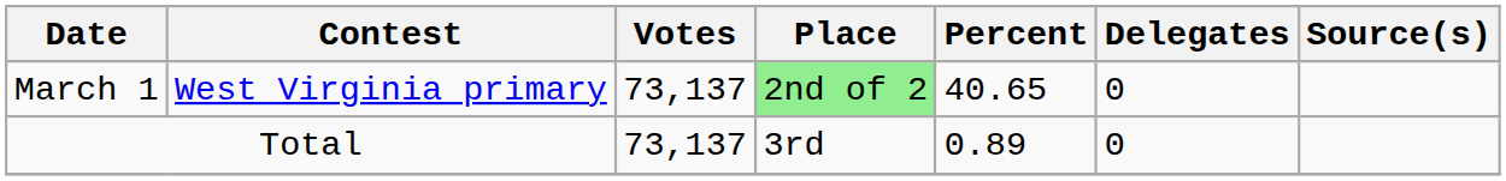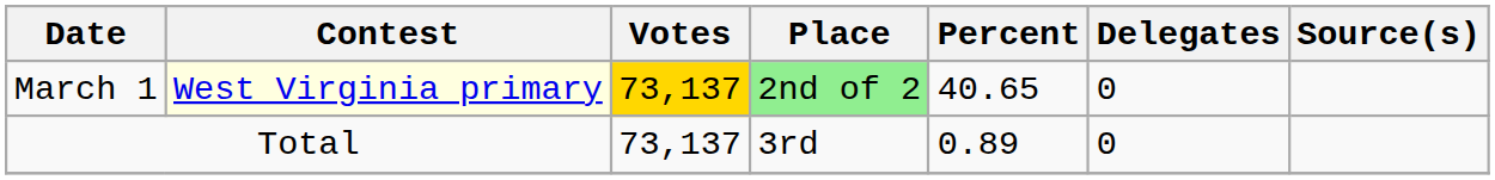 <table class="wikitable sortable" border="1">
 <tr>
 <th scope="col">Date</th>
 <th scope="col">Contest</th>
 <th scope="col">Votes</th>
 <th scope="col">Place</th>
 <th scope="col">Percent</th>
 <th scope="col">Delegates</th>
 <th scope="col">Source(s)</th>
 </tr>
 <tr>
 <td>March 1</td>
-<td><a href='#'>West Virginia primary</a></td>
-<td>73,137</td>
+<td style="background: lightyellow;"><a href='#'>West Virginia primary</a></td>
+<td style="background: gold;">73,137</td>
 <td style="background: lightgreen;">2nd of 2</td>
 <td>40.65</td>
 <td>0</td>
 <td><em></em></td>
 </tr>
 <tr>
 <td colspan=2 align=center>Total</td>
 <td>73,137</td>
 <td>3rd</td>
 <td>0.89</td>
 <td>0</td>
 <td></td>
 </tr>
 <tr>
 </tr>
 </table>
